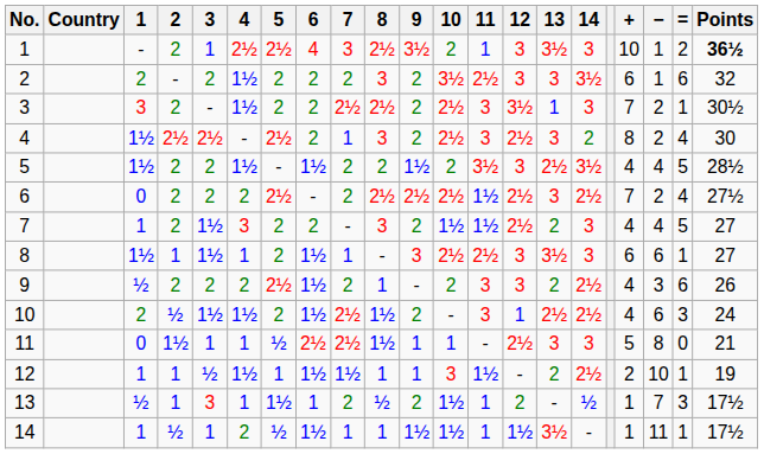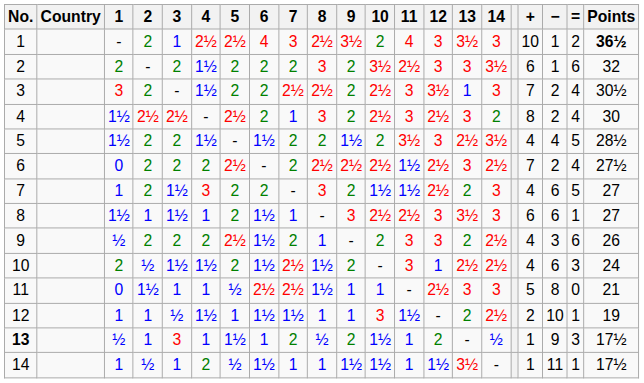 <table class="wikitable" style="text-align:center">
 <tr>
 <th>No.</th>
 <th>Country</th>
 <th>1</th>
 <th>2</th>
 <th>3</th>
 <th>4</th>
 <th>5</th>
 <th>6</th>
 <th>7</th>
 <th>8</th>
 <th>9</th>
 <th>10</th>
 <th>11</th>
 <th>12</th>
 <th>13</th>
 <th>14</th>
 <th></th>
 <th>+</th>
 <th>−</th>
 <th>=</th>
 <th>Points</th>
 </tr>
 <tr>
 <td>1</td>
 <td style="text-align: left"></td>
 <td>-</td>
 <td style="color:green;">2</td>
 <td style="color:blue;">1</td>
 <td style="color:red;">2½</td>
 <td style="color:red;">2½</td>
 <td style="color:red;">4</td>
 <td style="color:red;">3</td>
 <td style="color:red;">2½</td>
 <td style="color:red;">3½</td>
 <td style="color:green;">2</td>
-<td style="color:blue;">1</td>
+<td style="color:red;">4</td>
 <td style="color:red;">3</td>
 <td style="color:red;">3½</td>
 <td style="color:red;">3</td>
 <th></th>
 <td>10</td>
 <td>1</td>
 <td>2</td>
 <td><strong>36½ </strong></td>
 </tr>
 <tr>
 <td>2</td>
 <td style="text-align: left"></td>
 <td style="color:green;">2</td>
 <td>-</td>
 <td style="color:green;">2</td>
 <td style="color:blue;">1½</td>
 <td style="color:green;">2</td>
 <td style="color:green;">2</td>
 <td style="color:green;">2</td>
 <td style="color:red;">3</td>
 <td style="color:green;">2</td>
 <td style="color:red;">3½</td>
 <td style="color:red;">2½</td>
 <td style="color:red;">3</td>
 <td style="color:red;">3</td>
 <td style="color:red;">3½</td>
 <th></th>
 <td>6</td>
 <td>1</td>
 <td>6</td>
 <td>32</td>
 </tr>
 <tr>
 <td>3</td>
 <td style="text-align: left"></td>
 <td style="color:red;">3</td>
 <td style="color:green;">2</td>
 <td>-</td>
 <td style="color:blue;">1½</td>
 <td style="color:green;">2</td>
 <td style="color:green;">2</td>
 <td style="color:red;">2½</td>
 <td style="color:red;">2½</td>
 <td style="color:green;">2</td>
 <td style="color:red;">2½</td>
 <td style="color:red;">3</td>
 <td style="color:red;">3½</td>
 <td style="color:blue;">1</td>
 <td style="color:red;">3</td>
 <th></th>
 <td>7</td>
 <td>2</td>
-<td>1</td>
+<td>4</td>
 <td>30½</td>
 </tr>
 <tr>
 <td>4</td>
 <td style="text-align: left"></td>
 <td style="color:blue;">1½</td>
 <td style="color:red;">2½</td>
 <td style="color:red;">2½</td>
 <td>-</td>
 <td style="color:red;">2½</td>
 <td style="color:green;">2</td>
 <td style="color:blue;">1</td>
 <td style="color:red;">3</td>
 <td style="color:green;">2</td>
 <td style="color:red;">2½</td>
 <td style="color:red;">3</td>
 <td style="color:red;">2½</td>
 <td style="color:red;">3</td>
 <td style="color:green;">2</td>
 <th></th>
 <td>8</td>
 <td>2</td>
 <td>4</td>
 <td>30</td>
 </tr>
 <tr>
 <td>5</td>
 <td style="text-align: left"></td>
 <td style="color:blue;">1½</td>
 <td style="color:green;">2</td>
 <td style="color:green;">2</td>
 <td style="color:blue;">1½</td>
 <td>-</td>
 <td style="color:blue;">1½</td>
 <td style="color:green;">2</td>
 <td style="color:green;">2</td>
 <td style="color:blue;">1½</td>
 <td style="color:green;">2</td>
 <td style="color:red;">3½</td>
 <td style="color:red;">3</td>
 <td style="color:red;">2½</td>
 <td style="color:red;">3½</td>
 <th></th>
 <td>4</td>
 <td>4</td>
 <td>5</td>
 <td>28½</td>
 </tr>
 <tr>
 <td>6</td>
 <td style="text-align: left"></td>
 <td style="color:blue;">0</td>
 <td style="color:green;">2</td>
 <td style="color:green;">2</td>
 <td style="color:green;">2</td>
 <td style="color:red;">2½</td>
 <td>-</td>
 <td style="color:green;">2</td>
 <td style="color:red;">2½</td>
 <td style="color:red;">2½</td>
 <td style="color:red;">2½</td>
 <td style="color:blue;">1½</td>
 <td style="color:red;">2½</td>
 <td style="color:red;">3</td>
 <td style="color:red;">2½</td>
 <th></th>
 <td>7</td>
 <td>2</td>
 <td>4</td>
 <td>27½</td>
 </tr>
 <tr>
 <td>7</td>
 <td style="text-align: left"></td>
 <td style="color:blue;">1</td>
 <td style="color:green;">2</td>
 <td style="color:blue;">1½</td>
 <td style="color:red;">3</td>
 <td style="color:green;">2</td>
 <td style="color:green;">2</td>
 <td>-</td>
 <td style="color:red;">3</td>
 <td style="color:green;">2</td>
 <td style="color:blue;">1½</td>
 <td style="color:blue;">1½</td>
 <td style="color:red;">2½</td>
 <td style="color:green;">2</td>
 <td style="color:red;">3</td>
 <th></th>
 <td>4</td>
-<td>4</td>
+<td>6</td>
 <td>5</td>
 <td>27</td>
 </tr>
 <tr>
 <td>8</td>
 <td style="text-align: left"></td>
 <td style="color:blue;">1½</td>
 <td style="color:blue;">1</td>
 <td style="color:blue;">1½</td>
 <td style="color:blue;">1</td>
 <td style="color:green;">2</td>
 <td style="color:blue;">1½</td>
 <td style="color:blue;">1</td>
 <td>-</td>
 <td style="color:red;">3</td>
 <td style="color:red;">2½</td>
 <td style="color:red;">2½</td>
 <td style="color:red;">3</td>
 <td style="color:red;">3½</td>
 <td style="color:red;">3</td>
 <th></th>
 <td>6</td>
 <td>6</td>
 <td>1</td>
 <td>27</td>
 </tr>
 <tr>
 <td>9</td>
 <td style="text-align: left"></td>
 <td style="color:blue;">½</td>
 <td style="color:green;">2</td>
 <td style="color:green;">2</td>
 <td style="color:green;">2</td>
 <td style="color:red;">2½</td>
 <td style="color:blue;">1½</td>
 <td style="color:green;">2</td>
 <td style="color:blue;">1</td>
 <td>-</td>
 <td style="color:green;">2</td>
 <td style="color:red;">3</td>
 <td style="color:red;">3</td>
 <td style="color:green;">2</td>
 <td style="color:red;">2½</td>
 <th></th>
 <td>4</td>
 <td>3</td>
 <td>6</td>
 <td>26</td>
 </tr>
 <tr>
 <td>10</td>
 <td style="text-align: left"></td>
 <td style="color:green;">2</td>
 <td style="color:blue;">½</td>
 <td style="color:blue;">1½</td>
 <td style="color:blue;">1½</td>
 <td style="color:green;">2</td>
 <td style="color:blue;">1½</td>
 <td style="color:red;">2½</td>
 <td style="color:blue;">1½</td>
 <td style="color:green;">2</td>
 <td>-</td>
 <td style="color:red;">3</td>
 <td style="color:blue;">1</td>
 <td style="color:red;">2½</td>
 <td style="color:red;">2½</td>
 <th></th>
 <td>4</td>
 <td>6</td>
 <td>3</td>
 <td>24</td>
 </tr>
 <tr>
 <td>11</td>
 <td style="text-align: left"></td>
 <td style="color:blue;">0</td>
 <td style="color:blue;">1½</td>
 <td style="color:blue;">1</td>
 <td style="color:blue;">1</td>
 <td style="color:blue;">½</td>
 <td style="color:red;">2½</td>
 <td style="color:red;">2½</td>
 <td style="color:blue;">1½</td>
 <td style="color:blue;">1</td>
 <td style="color:blue;">1</td>
 <td>-</td>
 <td style="color:red;">2½</td>
 <td style="color:red;">3</td>
 <td style="color:red;">3</td>
 <th></th>
 <td>5</td>
 <td>8</td>
 <td>0</td>
 <td>21</td>
 </tr>
 <tr>
 <td>12</td>
 <td style="text-align: left"></td>
 <td style="color:blue;">1</td>
 <td style="color:blue;">1</td>
 <td style="color:blue;">½</td>
 <td style="color:blue;">1½</td>
 <td style="color:blue;">1</td>
 <td style="color:blue;">1½</td>
 <td style="color:blue;">1½</td>
 <td style="color:blue;">1</td>
 <td style="color:blue;">1</td>
 <td style="color:red;">3</td>
 <td style="color:blue;">1½</td>
 <td>-</td>
 <td style="color:green;">2</td>
 <td style="color:red;">2½</td>
 <th></th>
 <td>2</td>
 <td>10</td>
 <td>1</td>
 <td>19</td>
 </tr>
 <tr>
-<td>13</td>
+<td><strong>13</strong></td>
 <td style="text-align: left"></td>
 <td style="color:blue;">½</td>
 <td style="color:blue;">1</td>
 <td style="color:red;">3</td>
 <td style="color:blue;">1</td>
 <td style="color:blue;">1½</td>
 <td style="color:blue;">1</td>
 <td style="color:green;">2</td>
 <td style="color:blue;">½</td>
 <td style="color:green;">2</td>
 <td style="color:blue;">1½</td>
 <td style="color:blue;">1</td>
 <td style="color:green;">2</td>
 <td>-</td>
 <td style="color:blue;">½</td>
 <th></th>
 <td>1</td>
-<td>7</td>
+<td>9</td>
 <td>3</td>
 <td>17½</td>
 </tr>
 <tr>
 <td>14</td>
 <td style="text-align: left"></td>
 <td style="color:blue;">1</td>
 <td style="color:blue;">½</td>
 <td style="color:blue;">1</td>
 <td style="color:green;">2</td>
 <td style="color:blue;">½</td>
 <td style="color:blue;">1½</td>
 <td style="color:blue;">1</td>
 <td style="color:blue;">1</td>
 <td style="color:blue;">1½</td>
 <td style="color:blue;">1½</td>
 <td style="color:blue;">1</td>
 <td style="color:blue;">1½</td>
 <td style="color:red;">3½</td>
 <td>-</td>
 <th></th>
 <td>1</td>
 <td>11</td>
 <td>1</td>
 <td>17½</td>
 </tr>
 </table>
